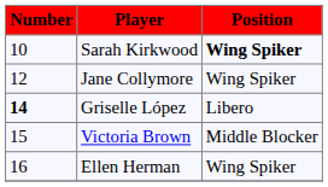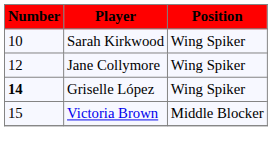 <table bgcolor="#f7f8ff" cellpadding="3" cellspacing="0" border="1" style="font-size: 95%; border: gray solid 1px; border-collapse: collapse;">
 <tr bgcolor="#ff0000">
 <td align=center><strong>Number</strong></td>
 <td align=center><strong>Player</strong></td>
 <td align=center><strong>Position</strong></td>
 </tr>
 <tr align="left">
 <td>10</td>
 <td> Sarah Kirkwood</td>
-<td><strong>Wing Spiker</strong></td>
+<td>Wing Spiker</td>
 </tr>
 <tr align="left">
 <td>12</td>
 <td> Jane Collymore</td>
 <td>Wing Spiker</td>
 </tr>
 <tr align="left">
 <td><strong>14</strong></td>
 <td> Griselle López</td>
-<td>Libero</td>
+<td>Wing Spiker</td>
 </tr>
 <tr align="left">
 <td>15</td>
 <td> <a href='#'>Victoria Brown</a></td>
 <td>Middle Blocker</td>
 </tr>
 <tr align="left">
-<td>16</td>
-<td> Ellen Herman</td>
-<td>Wing Spiker</td>
-</tr>
-<tr align="left">
 </tr>
 </table>
